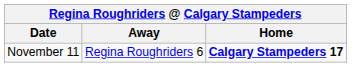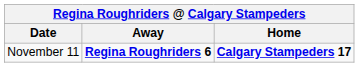 <table class="wikitable">
 <tr>
 <th colspan="4"><a href='#'>Regina Roughriders</a> @ <a href='#'>Calgary Stampeders</a></th>
 </tr>
 <tr>
 <th>Date</th>
 <th>Away</th>
 <th>Home</th>
 </tr>
 <tr>
 <td>November 11</td>
-<td><a href='#'>Regina Roughriders</a> 6</td>
+<td><strong><a href='#'>Regina Roughriders</a> 6</strong></td>
 <td><strong><a href='#'>Calgary Stampeders</a> 17</strong></td>
 </tr>
 </table>
